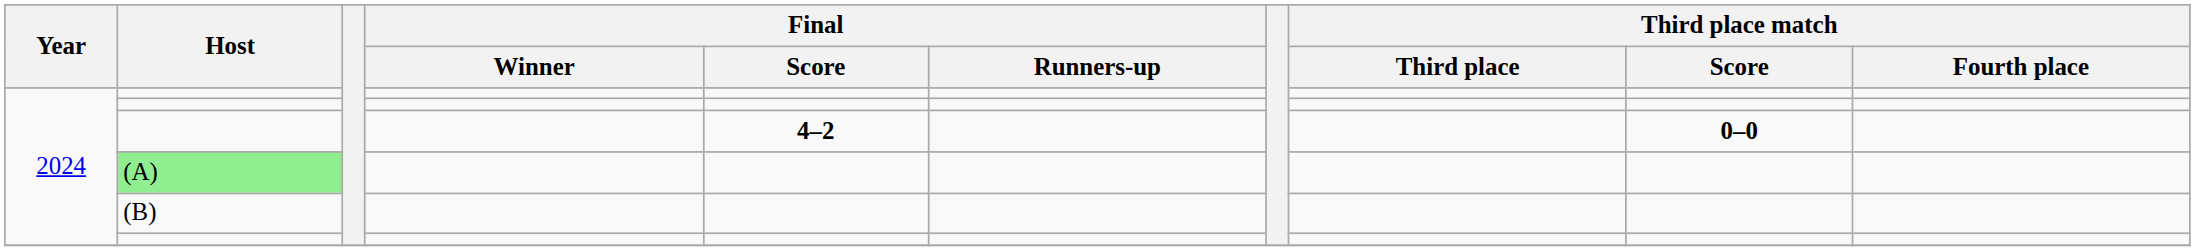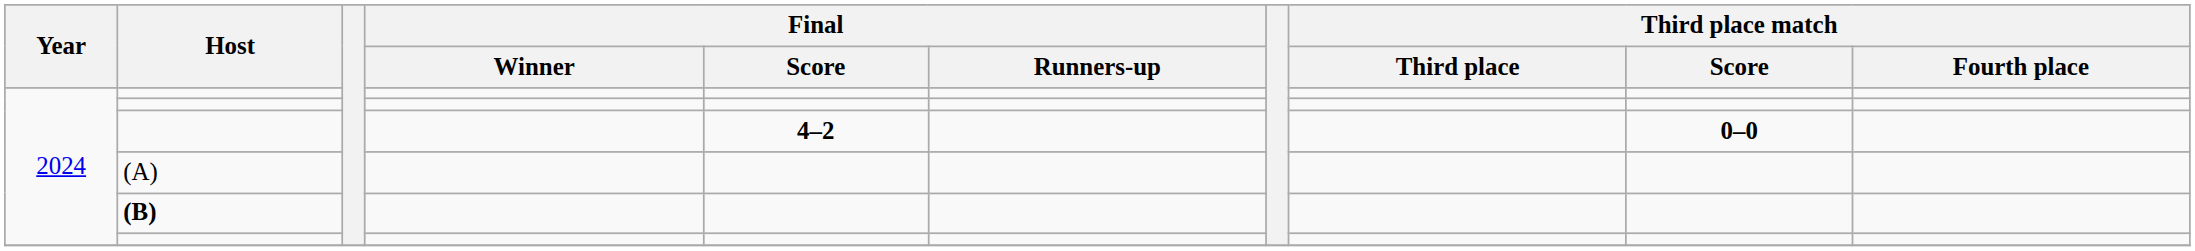 <table class="wikitable" style="font-size:90%; width:100%; text-align:center;">
 <tr>
 <th rowspan=2 width=5%>Year</th>
 <th rowspan=2 width=10%>Host</th>
 <th width="1%" rowspan=8></th>
 <th colspan=3>Final</th>
 <th width="1%" rowspan=8></th>
 <th colspan=3>Third place match</th>
 </tr>
 <tr>
 <th width=15%>Winner</th>
 <th width=10%>Score</th>
 <th width=15%>Runners-up</th>
 <th width=15%>Third place</th>
 <th width=10%>Score</th>
 <th width=15%>Fourth place</th>
 </tr>
 <tr>
 <td rowspan=6><a href='#'>2024</a></td>
 <td align=left></td>
 <td><strong></strong></td>
 <td></td>
 <td></td>
 <td></td>
 <td></td>
 <td></td>
 </tr>
 <tr>
 <td align=left></td>
 <td><strong></strong></td>
 <td></td>
 <td></td>
 <td></td>
 <td></td>
 <td></td>
 </tr>
 <tr>
 <td align=left></td>
 <td><strong></strong></td>
 <td><strong>4–2</strong></td>
 <td></td>
 <td></td>
 <td><strong>0–0</strong><br></td>
 <td></td>
 </tr>
 <tr>
-<td align=left style="background: lightgreen;"> (A)</td>
+<td align=left> (A)</td>
 <td><strong></strong></td>
 <td></td>
 <td></td>
 <td></td>
 <td></td>
 <td></td>
 </tr>
 <tr>
-<td align=left> (B)</td>
+<td align=left><strong> (B)</strong></td>
 <td><strong></strong></td>
 <td></td>
 <td></td>
 <td></td>
 <td></td>
 <td></td>
 </tr>
 <tr>
 <td align=left></td>
 <td><strong></strong></td>
 <td></td>
 <td></td>
 <td></td>
 <td></td>
 <td></td>
 </tr>
 <tr>
 </tr>
 </table>
